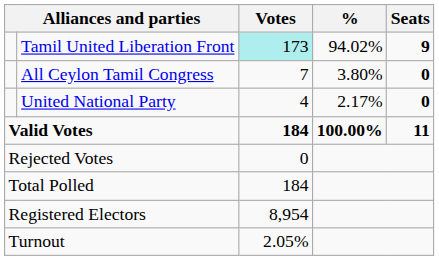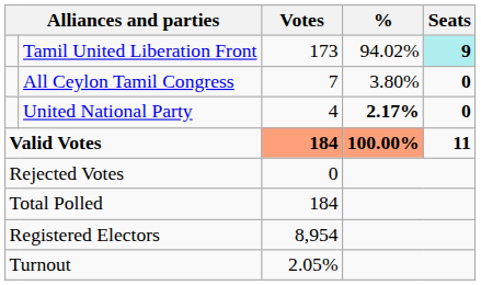 <table class="wikitable" border="1" style="text-align:right;">
 <tr>
 <th valign=bottom align=left colspan=2>Alliances and parties</th>
 <th valign=bottom align=center width="60">Votes</th>
 <th valign=bottom align=center width="50">%</th>
 <th valign=bottom align=center>Seats</th>
 </tr>
 <tr>
 <td bgcolor=> </td>
 <td align=left><a href='#'>Tamil United Liberation Front</a></td>
-<td style="background: paleturquoise;">173</td>
+<td>173</td>
 <td>94.02%</td>
-<td><strong>9</strong></td>
+<td style="background: paleturquoise;"><strong>9</strong></td>
 </tr>
 <tr>
 <td bgcolor=> </td>
 <td align=left><a href='#'>All Ceylon Tamil Congress</a></td>
 <td>7</td>
 <td>3.80%</td>
 <td><strong>0</strong></td>
 </tr>
 <tr>
 <td bgcolor=> </td>
 <td align=left><a href='#'>United National Party</a></td>
 <td>4</td>
-<td>2.17%</td>
+<td><strong>2.17%</strong></td>
 <td><strong>0</strong></td>
 </tr>
 <tr>
 <td colspan=2 align=left><strong>Valid Votes</strong></td>
-<td><strong>184</strong></td>
-<td><strong>100.00%</strong></td>
+<td style="background: lightsalmon;"><strong>184</strong></td>
+<td style="background: lightsalmon;"><strong>100.00%</strong></td>
 <td><strong>11</strong></td>
 </tr>
 <tr>
 <td colspan=2 align=left>Rejected Votes</td>
 <td>0</td>
 <td colspan=2></td>
 </tr>
 <tr>
 <td colspan=2 align=left>Total Polled</td>
 <td>184</td>
 <td colspan=2></td>
 </tr>
 <tr>
 <td colspan=2 align=left>Registered Electors</td>
 <td>8,954</td>
 <td colspan=2></td>
 </tr>
 <tr>
 <td colspan=2 align=left>Turnout</td>
 <td>2.05%</td>
 <td colspan=2></td>
 </tr>
 </table>
